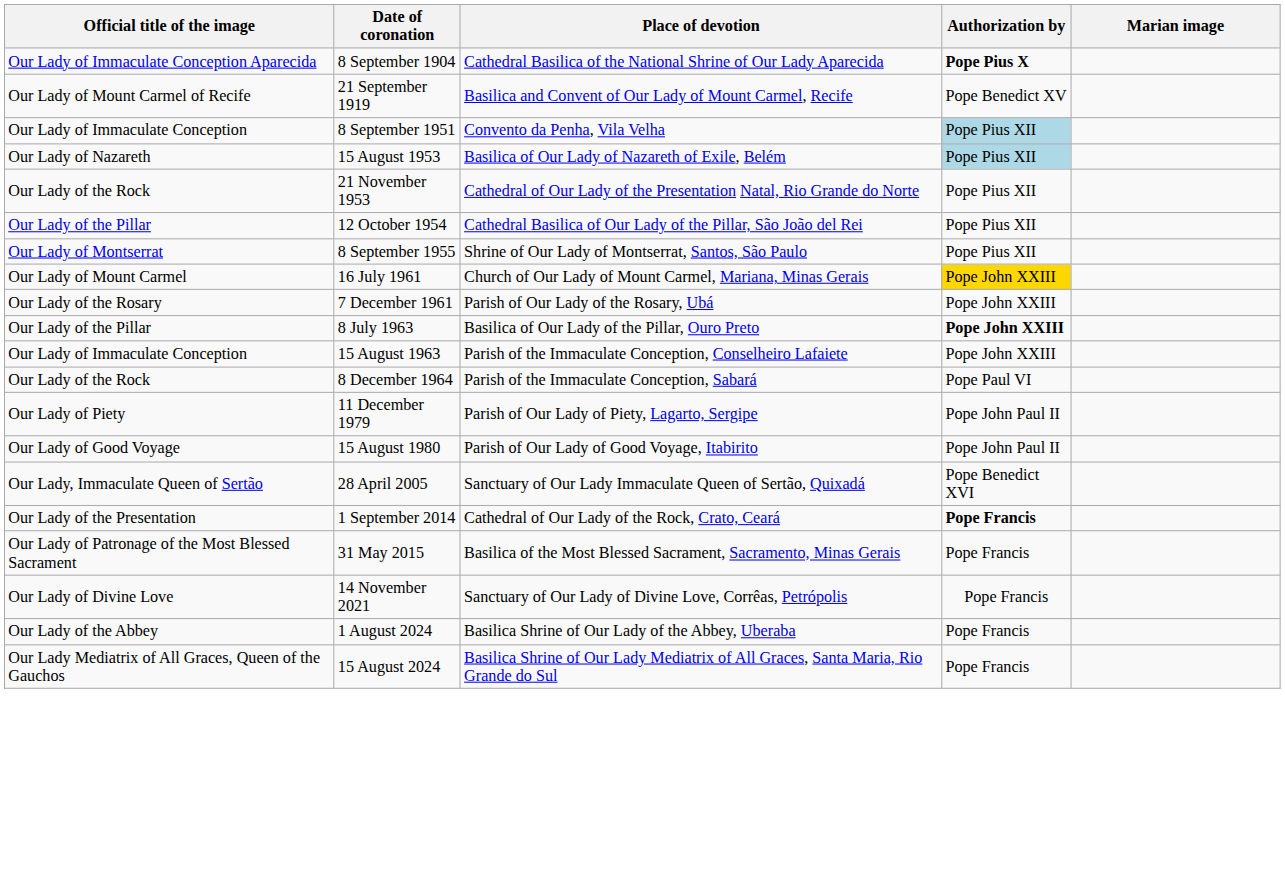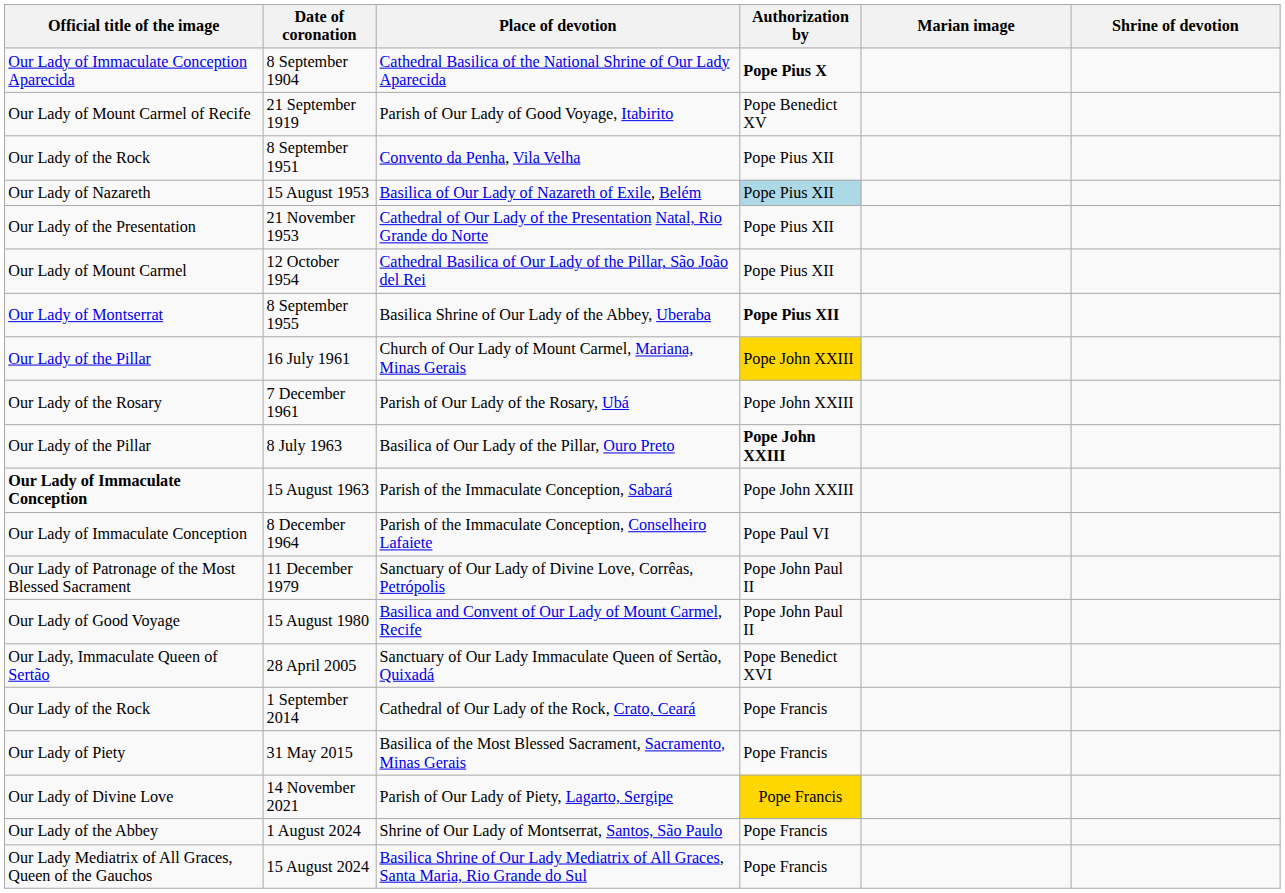 <table class="wikitable sortable" width="100%">
 <tr>
 <th>Official title of the image</th>
 <th data-sort-type="date">Date of coronation</th>
 <th>Place of devotion</th>
 <th>Authorization by</th>
 <th width=200px class=unsortable>Marian image</th>
+<th width=200px class=unsortable>Shrine of devotion</th>
 </tr>
 <tr>
 <td><a href='#'>Our Lady of Immaculate Conception Aparecida</a></td>
 <td>8 September 1904</td>
 <td><a href='#'>Cathedral Basilica of the National Shrine of Our Lady Aparecida</a></td>
 <td><strong>Pope Pius X</strong></td>
 <td></td>
+<td></td>
 </tr>
 <tr>
 <td>Our Lady of Mount Carmel of Recife</td>
 <td>21 September 1919</td>
-<td><a href='#'>Basilica and Convent of Our Lady of Mount Carmel</a>, <a href='#'>Recife</a></td>
+<td>Parish of Our Lady of Good Voyage, <a href='#'>Itabirito</a></td>
 <td>Pope Benedict XV</td>
+<td></td>
 <td></td>
 </tr>
 <tr>
-<td>Our Lady of Immaculate Conception</td>
+<td>Our Lady of the Rock</td>
 <td>8 September 1951</td>
 <td><a href='#'>Convento da Penha</a>, <a href='#'>Vila Velha</a></td>
-<td style="background: lightblue;">Pope Pius XII</td>
+<td>Pope Pius XII</td>
+<td></td>
 <td></td>
 </tr>
 <tr>
 <td>Our Lady of Nazareth</td>
 <td>15 August 1953</td>
 <td><a href='#'>Basilica of Our Lady of Nazareth of Exile</a>, <a href='#'>Belém</a></td>
 <td style="background: lightblue;">Pope Pius XII</td>
 <td></td>
+<td></td>
 </tr>
 <tr>
-<td>Our Lady of the Rock</td>
+<td>Our Lady of the Presentation</td>
 <td>21 November 1953</td>
 <td><a href='#'>Cathedral of Our Lady of the Presentation</a> <a href='#'>Natal, Rio Grande do Norte</a></td>
 <td>Pope Pius XII</td>
 <td></td>
+<td></td>
 </tr>
 <tr>
-<td><a href='#'>Our Lady of the Pillar</a></td>
+<td>Our Lady of Mount Carmel</td>
 <td>12 October 1954</td>
 <td><a href='#'>Cathedral Basilica of Our Lady of the Pillar, São João del Rei</a></td>
 <td>Pope Pius XII</td>
+<td></td>
 <td></td>
 </tr>
 <tr>
 <td><a href='#'>Our Lady of Montserrat</a></td>
 <td>8 September 1955</td>
-<td>Shrine of Our Lady of Montserrat, <a href='#'>Santos, São Paulo</a></td>
-<td>Pope Pius XII</td>
+<td>Basilica Shrine of Our Lady of the Abbey, <a href='#'>Uberaba</a></td>
+<td><strong>Pope Pius XII</strong></td>
+<td></td>
 <td></td>
 </tr>
 <tr>
-<td>Our Lady of Mount Carmel</td>
+<td><a href='#'>Our Lady of the Pillar</a></td>
 <td>16 July 1961</td>
 <td>Church of Our Lady of Mount Carmel, <a href='#'>Mariana, Minas Gerais</a></td>
 <td style="background: gold;">Pope John XXIII</td>
+<td></td>
 <td></td>
 </tr>
 <tr>
 <td>Our Lady of the Rosary</td>
 <td>7 December 1961</td>
 <td>Parish of Our Lady of the Rosary, <a href='#'>Ubá</a></td>
 <td>Pope John XXIII</td>
 <td></td>
+<td></td>
 </tr>
 <tr>
 <td>Our Lady of the Pillar</td>
 <td>8 July 1963</td>
 <td>Basilica of Our Lady of the Pillar, <a href='#'>Ouro Preto</a></td>
 <td><strong>Pope John XXIII</strong></td>
 <td></td>
+<td></td>
+</tr>
+<tr>
+<td><strong>Our Lady of Immaculate Conception</strong></td>
+<td>15 August 1963</td>
+<td>Parish of the Immaculate Conception, <a href='#'>Sabará</a></td>
+<td>Pope John XXIII</td>
+<td></td>
+<td></td>
 </tr>
 <tr>
 <td>Our Lady of Immaculate Conception</td>
-<td>15 August 1963</td>
+<td>8 December 1964</td>
 <td>Parish of the Immaculate Conception, <a href='#'>Conselheiro Lafaiete</a></td>
-<td>Pope John XXIII</td>
+<td>Pope Paul VI</td>
+<td></td>
 <td></td>
 </tr>
 <tr>
-<td>Our Lady of the Rock</td>
-<td>8 December 1964</td>
-<td>Parish of the Immaculate Conception, <a href='#'>Sabará</a></td>
-<td>Pope Paul VI</td>
+<td>Our Lady of Patronage of the Most Blessed Sacrament</td>
+<td>11 December 1979</td>
+<td>Sanctuary of Our Lady of Divine Love, Corrêas, <a href='#'>Petrópolis</a></td>
+<td>Pope John Paul II</td>
 <td></td>
-</tr>
-<tr>
-<td>Our Lady of Piety</td>
-<td>11 December 1979</td>
-<td>Parish of Our Lady of Piety, <a href='#'>Lagarto, Sergipe</a></td>
-<td>Pope John Paul II</td>
 <td></td>
 </tr>
 <tr>
 <td>Our Lady of Good Voyage</td>
 <td>15 August 1980</td>
-<td>Parish of Our Lady of Good Voyage, <a href='#'>Itabirito</a></td>
+<td><a href='#'>Basilica and Convent of Our Lady of Mount Carmel</a>, <a href='#'>Recife</a></td>
 <td>Pope John Paul II</td>
+<td></td>
 <td></td>
 </tr>
 <tr>
 <td>Our Lady, Immaculate Queen of <a href='#'>Sertão</a></td>
 <td>28 April 2005</td>
 <td>Sanctuary of Our Lady Immaculate Queen of Sertão, <a href='#'>Quixadá</a></td>
 <td>Pope Benedict XVI</td>
 <td></td>
-</tr>
-<tr>
-<td>Our Lady of the Presentation</td>
-<td>1 September 2014</td>
-<td>Cathedral of Our Lady of the Rock, <a href='#'>Crato, Ceará</a></td>
-<td><strong>Pope Francis</strong></td>
 <td></td>
 </tr>
 <tr>
-<td>Our Lady of Patronage of the Most Blessed Sacrament</td>
+<td>Our Lady of the Rock</td>
+<td>1 September 2014</td>
+<td>Cathedral of Our Lady of the Rock, <a href='#'>Crato, Ceará</a></td>
+<td>Pope Francis</td>
+<td></td>
+<td></td>
+</tr>
+<tr>
+<td>Our Lady of Piety</td>
 <td>31 May 2015</td>
 <td>Basilica of the Most Blessed Sacrament, <a href='#'>Sacramento, Minas Gerais</a></td>
 <td>Pope Francis</td>
+<td></td>
 <td></td>
 </tr>
 <tr>
 <td>Our Lady of Divine Love</td>
 <td>14 November 2021</td>
-<td>Sanctuary of Our Lady of Divine Love, Corrêas, <a href='#'>Petrópolis</a></td>
-<td style="text-align:center;">Pope Francis</td>
+<td>Parish of Our Lady of Piety, <a href='#'>Lagarto, Sergipe</a></td>
+<td style="background: gold; text-align:center;">Pope Francis</td>
+<td></td>
 <td></td>
 </tr>
 <tr>
 <td>Our Lady of the Abbey</td>
 <td>1 August 2024</td>
-<td>Basilica Shrine of Our Lady of the Abbey, <a href='#'>Uberaba</a></td>
+<td>Shrine of Our Lady of Montserrat, <a href='#'>Santos, São Paulo</a></td>
 <td>Pope Francis</td>
+<td></td>
 <td></td>
 </tr>
 <tr>
 <td>Our Lady Mediatrix of All Graces, Queen of the Gauchos</td>
 <td>15 August 2024</td>
 <td><a href='#'>Basilica Shrine of Our Lady Mediatrix of All Graces</a>, <a href='#'>Santa Maria, Rio Grande do Sul</a></td>
 <td>Pope Francis</td>
 <td></td>
+<td></td>
 </tr>
 </table>
